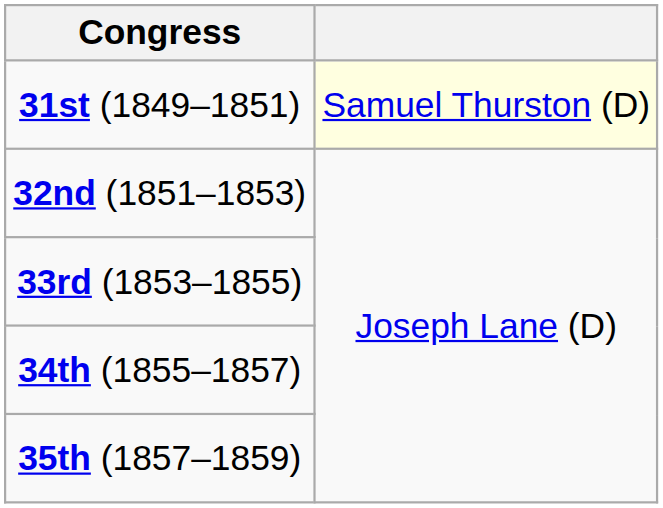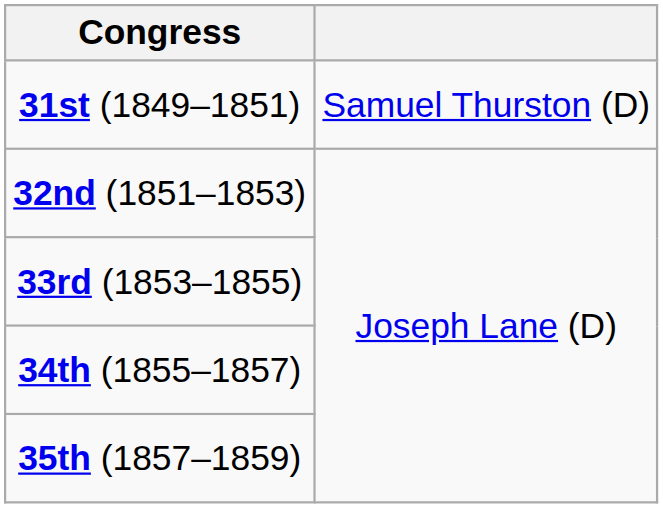 <table class=wikitable style="text-align:center">
 <tr>
 <th>Congress</th>
 <th></th>
 </tr>
 <tr style="height:2.5em">
 <td><strong><a href='#'>31st</a></strong> (1849–1851)</td>
-<td style="background: lightyellow;"><a href='#'>Samuel Thurston</a> (D)</td>
+<td><a href='#'>Samuel Thurston</a> (D)</td>
 </tr>
 <tr style="height:2.5em">
 <td><strong><a href='#'>32nd</a></strong> (1851–1853)</td>
 <td rowspan=4 ><a href='#'>Joseph Lane</a> (D)</td>
 </tr>
 <tr style="height:2.5em">
 <td><strong><a href='#'>33rd</a></strong> (1853–1855)</td>
 </tr>
 <tr style="height:2.5em">
 <td><strong><a href='#'>34th</a></strong> (1855–1857)</td>
 </tr>
 <tr style="height:2.5em">
 <td><strong><a href='#'>35th</a></strong> (1857–1859)</td>
 </tr>
 </table>
